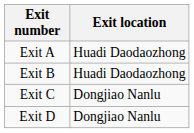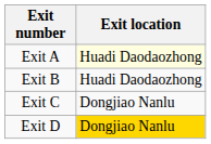 <table class="wikitable">
 <tr>
 <th style="width:70px" colspan="2">Exit number</th>
 <th>Exit location</th>
 </tr>
 <tr>
 <td align="center" colspan="2">Exit A</td>
-<td>Huadi Daodaozhong</td>
+<td style="background: lightyellow;">Huadi Daodaozhong</td>
 </tr>
 <tr>
 <td align="center" colspan="2">Exit B</td>
 <td>Huadi Daodaozhong</td>
 </tr>
 <tr>
 <td align="center" colspan="2">Exit C</td>
 <td>Dongjiao Nanlu</td>
 </tr>
 <tr>
 <td align="center" colspan="2">Exit D</td>
-<td>Dongjiao Nanlu</td>
+<td style="background: gold;">Dongjiao Nanlu</td>
 </tr>
 </table>
